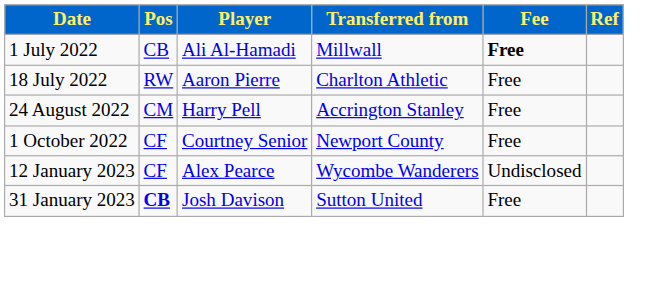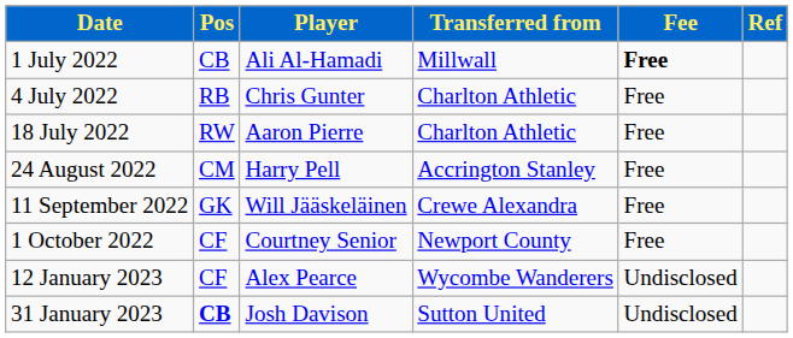 <table class="wikitable plainrowheaders sortable">
 <tr>
 <th style="background:#0066cb; color:#ffee66; ">Date</th>
 <th style="background:#0066cb; color:#ffee66; ">Pos</th>
 <th style="background:#0066cb; color:#ffee66; ">Player</th>
 <th style="background:#0066cb; color:#ffee66; ">Transferred from</th>
 <th style="background:#0066cb; color:#ffee66; ">Fee</th>
 <th style="background:#0066cb; color:#ffee66; ">Ref</th>
 </tr>
 <tr>
 <td>1 July 2022</td>
 <td><a href='#'>CB</a></td>
 <td> <a href='#'>Ali Al-Hamadi</a></td>
 <td> <a href='#'>Millwall</a></td>
 <td><strong>Free</strong></td>
 <td></td>
 </tr>
 <tr>
+<td>4 July 2022</td>
+<td><a href='#'>RB</a></td>
+<td> <a href='#'>Chris Gunter</a></td>
+<td> <a href='#'>Charlton Athletic</a></td>
+<td>Free</td>
+<td></td>
+</tr>
+<tr>
 <td>18 July 2022</td>
 <td><a href='#'>RW</a></td>
 <td> <a href='#'>Aaron Pierre</a></td>
 <td> <a href='#'>Charlton Athletic</a></td>
 <td>Free</td>
 <td></td>
 </tr>
 <tr>
 <td>24 August 2022</td>
 <td><a href='#'>CM</a></td>
 <td> <a href='#'>Harry Pell</a></td>
 <td> <a href='#'>Accrington Stanley</a></td>
+<td>Free</td>
+<td></td>
+</tr>
+<tr>
+<td>11 September 2022</td>
+<td><a href='#'>GK</a></td>
+<td> <a href='#'>Will Jääskeläinen</a></td>
+<td> <a href='#'>Crewe Alexandra</a></td>
 <td>Free</td>
 <td></td>
 </tr>
 <tr>
 <td>1 October 2022</td>
 <td><a href='#'>CF</a></td>
 <td> <a href='#'>Courtney Senior</a></td>
 <td> <a href='#'>Newport County</a></td>
 <td>Free</td>
 <td></td>
 </tr>
 <tr>
 <td>12 January 2023</td>
 <td><a href='#'>CF</a></td>
 <td> <a href='#'>Alex Pearce</a></td>
 <td> <a href='#'>Wycombe Wanderers</a></td>
 <td>Undisclosed</td>
 <td></td>
 </tr>
 <tr>
 <td>31 January 2023</td>
 <td><strong><a href='#'>CB</a></strong></td>
 <td> <a href='#'>Josh Davison</a></td>
 <td> <a href='#'>Sutton United</a></td>
-<td>Free</td>
+<td>Undisclosed</td>
 <td></td>
 </tr>
 </table>
